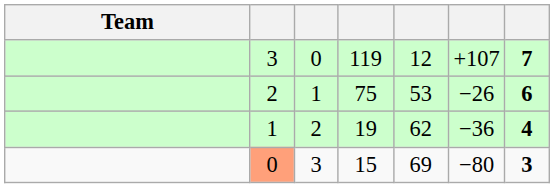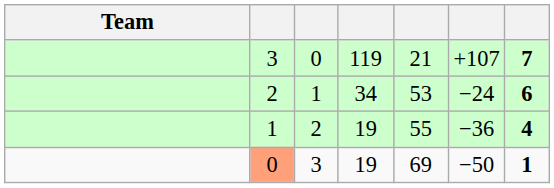 <table class="wikitable" style="text-align:center;">
 <tr>
 <th style="width:10.5em;">Team</th>
 <th style="width:1.5em;"></th>
 <th style="width:1.5em;"></th>
 <th style="width:2.0em;"></th>
 <th style="width:2.0em;"></th>
 <th style="width:2.0em;"></th>
 <th style="width:1.5em;"></th>
 </tr>
 <tr bgcolor=#cfc>
 <td align="left"></td>
 <td>3</td>
 <td>0</td>
 <td>119</td>
-<td>12</td>
+<td>21</td>
 <td>+107</td>
 <td><strong>7</strong></td>
 </tr>
 <tr bgcolor="#cfc">
 <td align="left"></td>
 <td>2</td>
 <td>1</td>
-<td>75</td>
+<td>34</td>
 <td>53</td>
-<td>−26</td>
+<td>−24</td>
 <td><strong>6</strong></td>
 </tr>
 <tr bgcolor="#cfc">
 <td align="left"></td>
 <td>1</td>
 <td>2</td>
 <td>19</td>
-<td>62</td>
+<td>55</td>
 <td>−36</td>
 <td><strong>4</strong></td>
 </tr>
 <tr>
 <td align="left"></td>
 <td style="background: lightsalmon;">0</td>
 <td>3</td>
-<td>15</td>
+<td>19</td>
 <td>69</td>
-<td>−80</td>
-<td><strong>3</strong></td>
+<td>−50</td>
+<td><strong>1</strong></td>
 </tr>
 </table>
